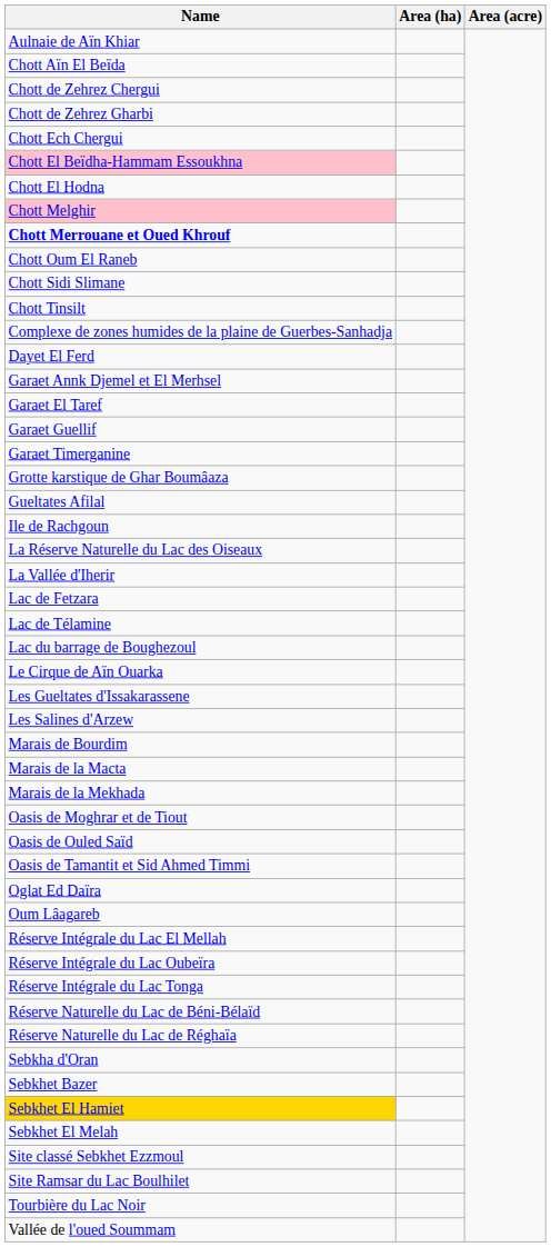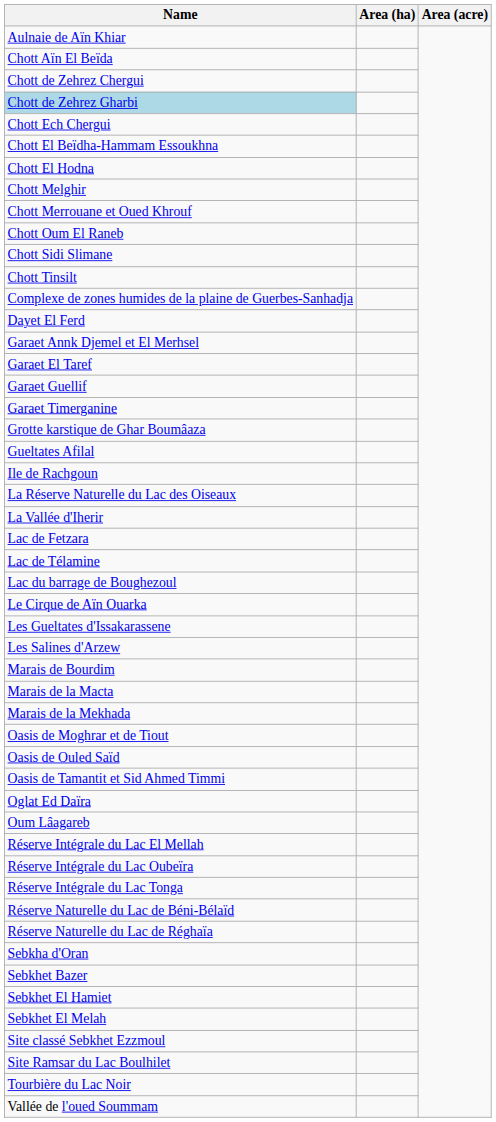 <table class="wikitable sortable">
 <tr>
 <th scope="col" align=left>Name</th>
 <th scope="col">Area (ha)</th>
 <th scope="col">Area (acre)</th>
 </tr>
 <tr ---->
 <td><a href='#'>Aulnaie de Aïn Khiar</a></td>
 <td></td>
 </tr>
 <tr ---->
 <td><a href='#'>Chott Aïn El Beïda</a></td>
 <td></td>
 </tr>
 <tr ---->
 <td><a href='#'>Chott de Zehrez Chergui</a></td>
 <td></td>
 </tr>
 <tr ---->
-<td><a href='#'>Chott de Zehrez Gharbi</a></td>
+<td style="background: lightblue;"><a href='#'>Chott de Zehrez Gharbi</a></td>
 <td></td>
 </tr>
 <tr ---->
 <td><a href='#'>Chott Ech Chergui</a></td>
 <td></td>
 </tr>
 <tr ---->
-<td style="background: pink;"><a href='#'>Chott El Beïdha-Hammam Essoukhna</a></td>
+<td><a href='#'>Chott El Beïdha-Hammam Essoukhna</a></td>
 <td></td>
 </tr>
 <tr ---->
 <td><a href='#'>Chott El Hodna</a></td>
 <td></td>
 </tr>
 <tr ---->
-<td style="background: pink;"><a href='#'>Chott Melghir</a></td>
+<td><a href='#'>Chott Melghir</a></td>
 <td></td>
 </tr>
 <tr ---->
-<td><strong><a href='#'>Chott Merrouane et Oued Khrouf</a></strong></td>
+<td><a href='#'>Chott Merrouane et Oued Khrouf</a></td>
 <td></td>
 </tr>
 <tr ---->
 <td><a href='#'>Chott Oum El Raneb</a></td>
 <td></td>
 </tr>
 <tr ---->
 <td><a href='#'>Chott Sidi Slimane</a></td>
 <td></td>
 </tr>
 <tr ---->
 <td><a href='#'>Chott Tinsilt</a></td>
 <td></td>
 </tr>
 <tr ---->
 <td><a href='#'>Complexe de zones humides de la plaine de Guerbes-Sanhadja</a></td>
 <td></td>
 </tr>
 <tr ---->
 <td><a href='#'>Dayet El Ferd</a></td>
 <td></td>
 </tr>
 <tr ---->
 <td><a href='#'>Garaet Annk Djemel et El Merhsel</a></td>
 <td></td>
 </tr>
 <tr ---->
 <td><a href='#'>Garaet El Taref</a></td>
 <td></td>
 </tr>
 <tr ---->
 <td><a href='#'>Garaet Guellif</a></td>
 <td></td>
 </tr>
 <tr ---->
 <td><a href='#'>Garaet Timerganine</a></td>
 <td></td>
 </tr>
 <tr ---->
 <td><a href='#'>Grotte karstique de Ghar Boumâaza</a></td>
 <td></td>
 </tr>
 <tr ---->
 <td><a href='#'>Gueltates Afilal</a></td>
 <td></td>
 </tr>
 <tr ---->
 <td><a href='#'>Ile de Rachgoun</a></td>
 <td></td>
 </tr>
 <tr ---->
 <td><a href='#'>La Réserve Naturelle du Lac des Oiseaux</a></td>
 <td></td>
 </tr>
 <tr ---->
 <td><a href='#'>La Vallée d'Iherir</a></td>
 <td></td>
 </tr>
 <tr ---->
 <td><a href='#'>Lac de Fetzara</a></td>
 <td></td>
 </tr>
 <tr ---->
 <td><a href='#'>Lac de Télamine</a></td>
 <td></td>
 </tr>
 <tr ---->
 <td><a href='#'>Lac du barrage de Boughezoul</a></td>
 <td></td>
 </tr>
 <tr ---->
 <td><a href='#'>Le Cirque de Aïn Ouarka</a></td>
 <td></td>
 </tr>
 <tr ---->
 <td><a href='#'>Les Gueltates d'Issakarassene</a></td>
 <td></td>
 </tr>
 <tr ---->
 <td><a href='#'>Les Salines d'Arzew</a></td>
 <td></td>
 </tr>
 <tr ---->
 <td><a href='#'>Marais de Bourdim</a></td>
 <td></td>
 </tr>
 <tr ---->
 <td><a href='#'>Marais de la Macta</a></td>
 <td></td>
 </tr>
 <tr ---->
 <td><a href='#'>Marais de la Mekhada</a></td>
 <td></td>
 </tr>
 <tr ---->
 <td><a href='#'>Oasis de Moghrar et de Tiout</a></td>
 <td></td>
 </tr>
 <tr ---->
 <td><a href='#'>Oasis de Ouled Saïd</a></td>
 <td></td>
 </tr>
 <tr ---->
 <td><a href='#'>Oasis de Tamantit et Sid Ahmed Timmi</a></td>
 <td></td>
 </tr>
 <tr ---->
 <td><a href='#'>Oglat Ed Daïra</a></td>
 <td></td>
 </tr>
 <tr ---->
 <td><a href='#'>Oum Lâagareb</a></td>
 <td></td>
 </tr>
 <tr ---->
 <td><a href='#'>Réserve Intégrale du Lac El Mellah</a></td>
 <td></td>
 </tr>
 <tr ---->
 <td><a href='#'>Réserve Intégrale du Lac Oubeïra</a></td>
 <td></td>
 </tr>
 <tr ---->
 <td><a href='#'>Réserve Intégrale du Lac Tonga</a></td>
 <td></td>
 </tr>
 <tr ---->
 <td><a href='#'>Réserve Naturelle du Lac de Béni-Bélaïd</a></td>
 <td></td>
 </tr>
 <tr ---->
 <td><a href='#'>Réserve Naturelle du Lac de Réghaïa</a></td>
 <td></td>
 </tr>
 <tr ---->
 <td><a href='#'>Sebkha d'Oran</a></td>
 <td></td>
 </tr>
 <tr ---->
 <td><a href='#'>Sebkhet Bazer</a></td>
 <td></td>
 </tr>
 <tr ---->
-<td style="background: gold;"><a href='#'>Sebkhet El Hamiet</a></td>
+<td><a href='#'>Sebkhet El Hamiet</a></td>
 <td></td>
 </tr>
 <tr ---->
 <td><a href='#'>Sebkhet El Melah</a></td>
 <td></td>
 </tr>
 <tr ---->
 <td><a href='#'>Site classé Sebkhet Ezzmoul</a></td>
 <td></td>
 </tr>
 <tr ---->
 <td><a href='#'>Site Ramsar du Lac Boulhilet</a></td>
 <td></td>
 </tr>
 <tr ---->
 <td><a href='#'>Tourbière du Lac Noir</a></td>
 <td></td>
 </tr>
 <tr ---->
 <td>Vallée de <a href='#'>l'oued Soummam</a></td>
 <td></td>
 </tr>
 </table>
